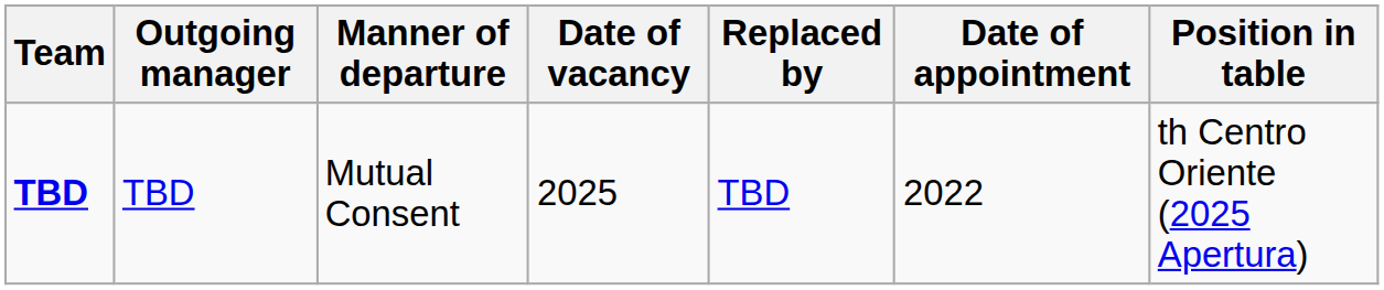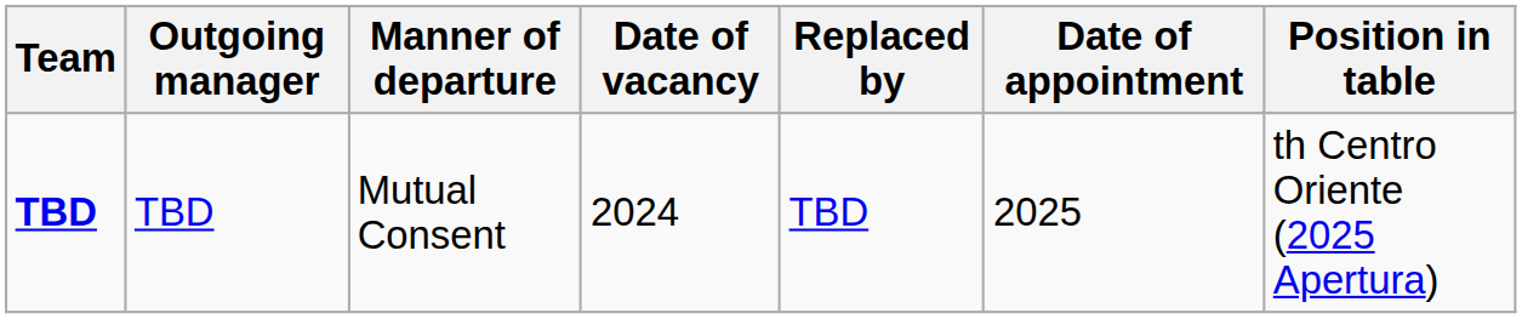 <table class="wikitable">
 <tr>
 <th>Team</th>
 <th>Outgoing manager</th>
 <th>Manner of departure</th>
 <th>Date of vacancy</th>
 <th>Replaced by</th>
 <th>Date of appointment</th>
 <th>Position in table</th>
 </tr>
 <tr>
 <td><strong><a href='#'>TBD</a></strong></td>
 <td> <a href='#'>TBD</a></td>
 <td>Mutual Consent</td>
+<td>2024</td>
+<td> <a href='#'>TBD</a></td>
 <td>2025</td>
-<td> <a href='#'>TBD</a></td>
-<td>2022</td>
 <td>th Centro Oriente (<a href='#'>2025 Apertura</a>)</td>
 </tr>
 </table>
